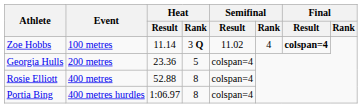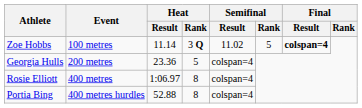 <table class="wikitable" style="font-size:90%">
 <tr>
 <th rowspan="2">Athlete</th>
 <th rowspan="2">Event</th>
 <th colspan="2">Heat</th>
 <th colspan="2">Semifinal</th>
 <th colspan="2">Final</th>
 </tr>
 <tr style="font-size:95%">
 <th>Result</th>
 <th>Rank</th>
 <th>Result</th>
 <th>Rank</th>
 <th>Result</th>
 <th>Rank</th>
 </tr>
 <tr align=center>
 <td align=left><a href='#'>Zoe Hobbs</a></td>
 <td align=left><a href='#'>100 metres</a></td>
 <td>11.14</td>
 <td>3 <strong>Q</strong></td>
 <td>11.02</td>
-<td>4</td>
+<td>5</td>
 <td><strong>colspan=4 </strong></td>
 </tr>
 <tr align=center>
 <td align=left><a href='#'>Georgia Hulls</a></td>
 <td align=left><a href='#'>200 metres</a></td>
 <td>23.36</td>
 <td>5</td>
 <td>colspan=4 </td>
 </tr>
 <tr align=center>
 <td align=left><a href='#'>Rosie Elliott</a></td>
 <td align=left><a href='#'>400 metres</a></td>
-<td>52.88</td>
+<td>1:06.97</td>
 <td>8</td>
 <td>colspan=4 </td>
 </tr>
 <tr align=center>
 <td align=left><a href='#'>Portia Bing</a></td>
 <td align=left><a href='#'>400 metres hurdles</a></td>
-<td>1:06.97</td>
+<td>52.88</td>
 <td>8</td>
 <td>colspan=4 </td>
 </tr>
 </table>
